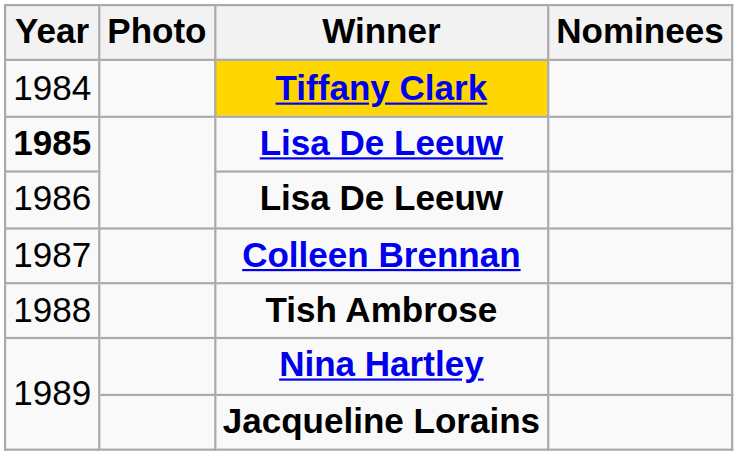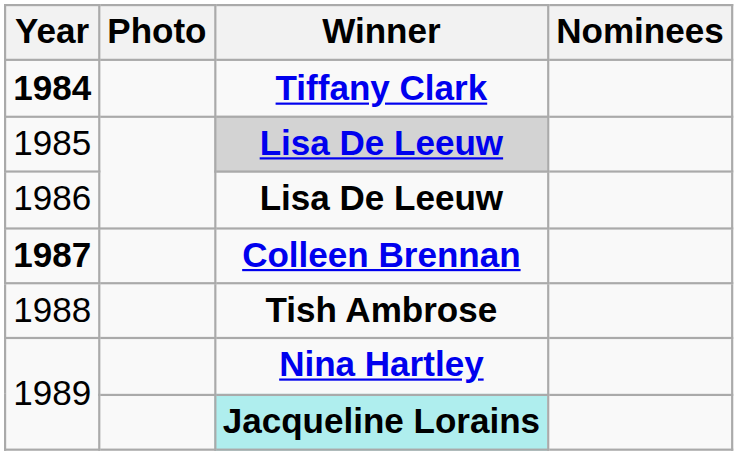 <table class=wikitable>
 <tr>
 <th>Year</th>
 <th>Photo</th>
 <th>Winner<br></th>
 <th>Nominees<br></th>
 </tr>
 <tr>
-<td>1984</td>
+<td><strong>1984</strong></td>
 <td></td>
-<td align=center style="background: gold;"><strong><a href='#'>Tiffany Clark</a></strong><br></td>
+<td align=center><strong><a href='#'>Tiffany Clark</a></strong><br></td>
 <td></td>
 </tr>
 <tr>
-<td><strong>1985</strong></td>
+<td>1985</td>
 <td rowspan=2></td>
-<td align=center><strong><a href='#'>Lisa De Leeuw</a></strong><br></td>
+<td align=center style="background: lightgrey;"><strong><a href='#'>Lisa De Leeuw</a></strong><br></td>
 <td></td>
 </tr>
 <tr>
 <td>1986</td>
 <td align=center><strong>Lisa De Leeuw</strong><br></td>
 <td></td>
 </tr>
 <tr>
-<td>1987</td>
+<td><strong>1987</strong></td>
 <td></td>
 <td align=center><strong><a href='#'>Colleen Brennan</a></strong> <br></td>
 <td></td>
 </tr>
 <tr>
 <td>1988</td>
 <td></td>
 <td align=center><strong>Tish Ambrose</strong> <br></td>
 <td></td>
 </tr>
 <tr>
 <td rowspan=2>1989</td>
 <td></td>
 <td align=center><strong><a href='#'>Nina Hartley</a></strong> <br></td>
 <td></td>
 </tr>
 <tr>
 <td></td>
-<td align=center><strong>Jacqueline Lorains</strong> <br></td>
+<td align=center style="background: paleturquoise;"><strong>Jacqueline Lorains</strong> <br></td>
 <td></td>
 </tr>
 </table>
